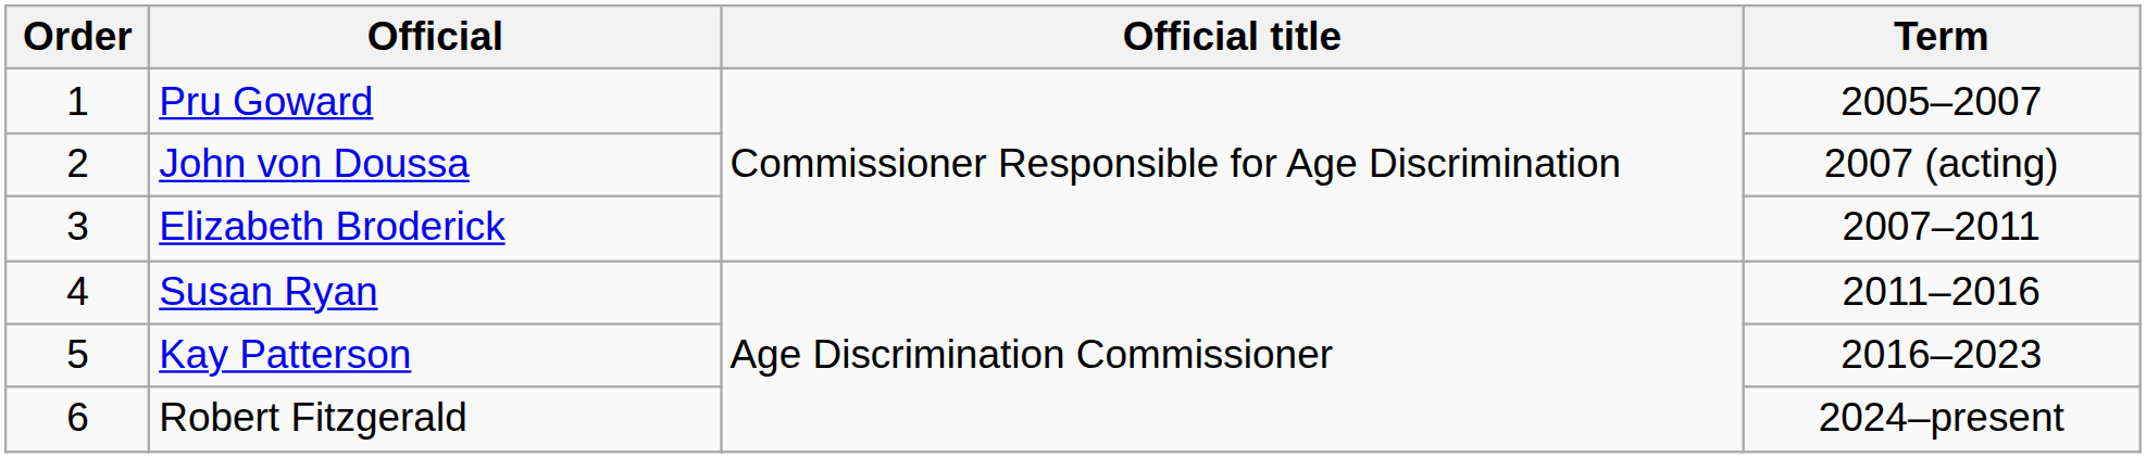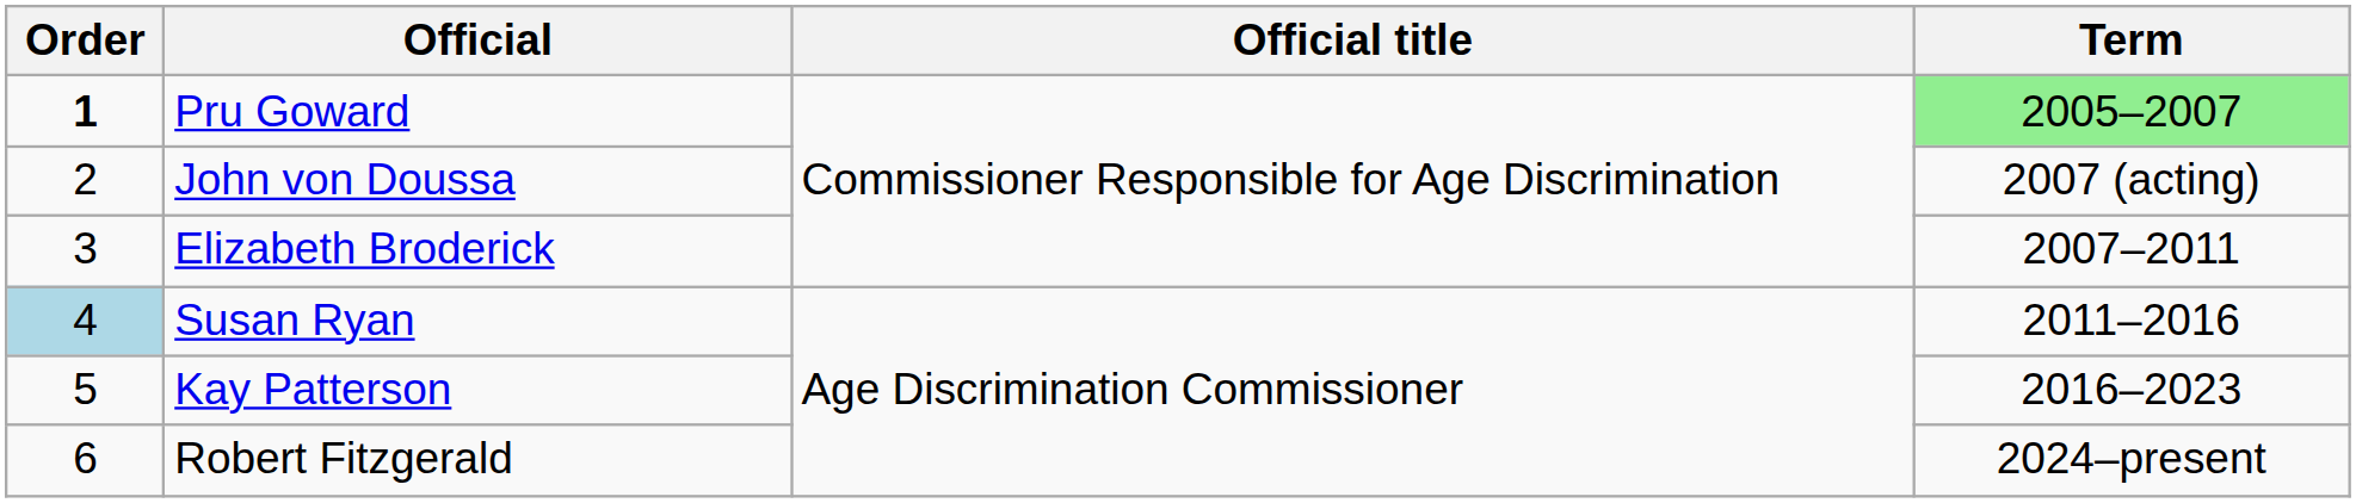 <table class="wikitable">
 <tr>
 <th width=50>Order</th>
 <th width=220>Official</th>
 <th width=400>Official title</th>
 <th width=150>Term</th>
 </tr>
 <tr>
-<td align=center>1</td>
+<td align=center><strong>1</strong></td>
 <td><a href='#'>Pru Goward</a></td>
 <td rowspan=3>Commissioner Responsible for Age Discrimination</td>
-<td align=center>2005–2007</td>
+<td align=center style="background: lightgreen;">2005–2007</td>
 </tr>
 <tr>
 <td align=center>2</td>
 <td><a href='#'>John von Doussa</a></td>
 <td align=center>2007 (acting)</td>
 </tr>
 <tr>
 <td align=center>3</td>
 <td><a href='#'>Elizabeth Broderick</a></td>
 <td align=center>2007–2011</td>
 </tr>
 <tr>
-<td align=center>4</td>
+<td align=center style="background: lightblue;">4</td>
 <td><a href='#'>Susan Ryan</a></td>
 <td rowspan=3>Age Discrimination Commissioner</td>
 <td align=center>2011–2016</td>
 </tr>
 <tr>
 <td align=center>5</td>
 <td><a href='#'>Kay Patterson</a></td>
 <td align=center>2016–2023</td>
 </tr>
 <tr>
 <td align=center>6</td>
 <td>Robert Fitzgerald</td>
 <td align=center>2024–present</td>
 </tr>
 </table>
